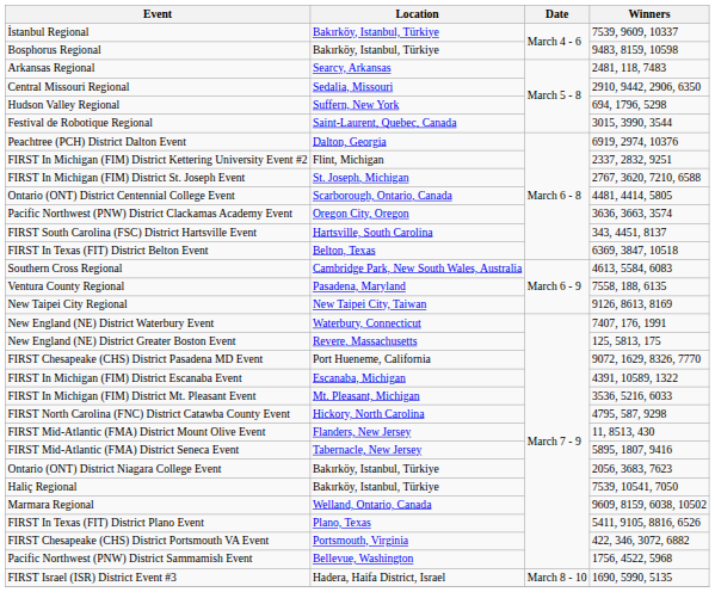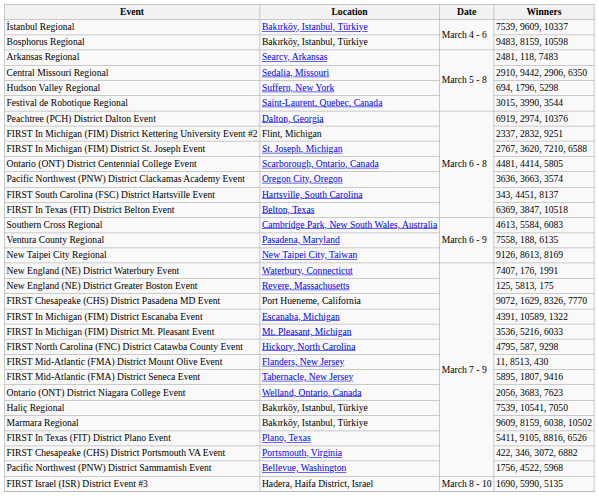 <table class="wikitable">
 <tr>
 <th>Event</th>
 <th>Location</th>
 <th>Date</th>
 <th>Winners</th>
 </tr>
 <tr>
 <td>İstanbul Regional</td>
 <td><a href='#'>Bakırköy, Istanbul, Türkiye</a></td>
 <td rowspan="2">March 4 - 6</td>
 <td>7539, 9609, 10337</td>
 </tr>
 <tr>
 <td>Bosphorus Regional</td>
 <td>Bakırköy, Istanbul, Türkiye</td>
 <td>9483, 8159, 10598</td>
 </tr>
 <tr>
 <td>Arkansas Regional</td>
 <td><a href='#'>Searcy, Arkansas</a></td>
 <td rowspan="4">March 5 - 8</td>
 <td>2481, 118, 7483</td>
 </tr>
 <tr>
 <td>Central Missouri Regional</td>
 <td><a href='#'>Sedalia, Missouri</a></td>
 <td>2910, 9442, 2906, 6350</td>
 </tr>
 <tr>
 <td>Hudson Valley Regional</td>
 <td><a href='#'>Suffern, New York</a></td>
 <td>694, 1796, 5298</td>
 </tr>
 <tr>
 <td>Festival de Robotique Regional</td>
 <td><a href='#'>Saint-Laurent, Quebec, Canada</a></td>
 <td>3015, 3990, 3544</td>
 </tr>
 <tr>
 <td>Peachtree (PCH) District Dalton Event</td>
 <td><a href='#'>Dalton, Georgia</a></td>
 <td rowspan="7">March 6 - 8</td>
 <td>6919, 2974, 10376</td>
 </tr>
 <tr>
 <td>FIRST In Michigan (FIM) District Kettering University Event #2</td>
 <td>Flint, Michigan</td>
 <td>2337, 2832, 9251</td>
 </tr>
 <tr>
 <td>FIRST In Michigan (FIM) District St. Joseph Event</td>
 <td><a href='#'>St. Joseph, Michigan</a></td>
 <td>2767, 3620, 7210, 6588</td>
 </tr>
 <tr>
 <td>Ontario (ONT) District Centennial College Event</td>
 <td><a href='#'>Scarborough, Ontario, Canada</a></td>
 <td>4481, 4414, 5805</td>
 </tr>
 <tr>
 <td>Pacific Northwest (PNW) District Clackamas Academy Event</td>
 <td><a href='#'>Oregon City, Oregon</a></td>
 <td>3636, 3663, 3574</td>
 </tr>
 <tr>
 <td>FIRST South Carolina (FSC) District Hartsville Event</td>
 <td><a href='#'>Hartsville, South Carolina</a></td>
 <td>343, 4451, 8137</td>
 </tr>
 <tr>
 <td>FIRST In Texas (FIT) District Belton Event</td>
 <td><a href='#'>Belton, Texas</a></td>
 <td>6369, 3847, 10518</td>
 </tr>
 <tr>
 <td>Southern Cross Regional</td>
 <td><a href='#'>Cambridge Park, New South Wales, Australia</a></td>
 <td rowspan="3">March 6 - 9</td>
 <td>4613, 5584, 6083</td>
 </tr>
 <tr>
 <td>Ventura County Regional</td>
 <td><a href='#'>Pasadena, Maryland</a></td>
 <td>7558, 188, 6135</td>
 </tr>
 <tr>
 <td>New Taipei City Regional</td>
 <td><a href='#'>New Taipei City, Taiwan</a></td>
 <td>9126, 8613, 8169</td>
 </tr>
 <tr>
 <td>New England (NE) District Waterbury Event</td>
 <td><a href='#'>Waterbury, Connecticut</a></td>
 <td rowspan="14">March 7 - 9</td>
 <td>7407, 176, 1991</td>
 </tr>
 <tr>
 <td>New England (NE) District Greater Boston Event</td>
 <td><a href='#'>Revere, Massachusetts</a></td>
 <td>125, 5813, 175</td>
 </tr>
 <tr>
 <td>FIRST Chesapeake (CHS) District Pasadena MD Event</td>
 <td>Port Hueneme, California</td>
 <td>9072, 1629, 8326, 7770</td>
 </tr>
 <tr>
 <td>FIRST In Michigan (FIM) District Escanaba Event</td>
 <td><a href='#'>Escanaba, Michigan</a></td>
 <td>4391, 10589, 1322</td>
 </tr>
 <tr>
 <td>FIRST In Michigan (FIM) District Mt. Pleasant Event</td>
 <td><a href='#'>Mt. Pleasant, Michigan</a></td>
 <td>3536, 5216, 6033</td>
 </tr>
 <tr>
 <td>FIRST North Carolina (FNC) District Catawba County Event</td>
 <td><a href='#'>Hickory, North Carolina</a></td>
 <td>4795, 587, 9298</td>
 </tr>
 <tr>
 <td>FIRST Mid-Atlantic (FMA) District Mount Olive Event</td>
 <td><a href='#'>Flanders, New Jersey</a></td>
 <td>11, 8513, 430</td>
 </tr>
 <tr>
 <td>FIRST Mid-Atlantic (FMA) District Seneca Event</td>
 <td><a href='#'>Tabernacle, New Jersey</a></td>
 <td>5895, 1807, 9416</td>
 </tr>
 <tr>
 <td>Ontario (ONT) District Niagara College Event</td>
-<td>Bakırköy, Istanbul, Türkiye</td>
+<td><a href='#'>Welland, Ontario, Canada</a></td>
 <td>2056, 3683, 7623</td>
 </tr>
 <tr>
 <td>Haliç Regional</td>
 <td>Bakırköy, Istanbul, Türkiye</td>
 <td>7539, 10541, 7050</td>
 </tr>
 <tr>
 <td>Marmara Regional</td>
-<td><a href='#'>Welland, Ontario, Canada</a></td>
+<td>Bakırköy, Istanbul, Türkiye</td>
 <td>9609, 8159, 6038, 10502</td>
 </tr>
 <tr>
 <td>FIRST In Texas (FIT) District Plano Event</td>
 <td><a href='#'>Plano, Texas</a></td>
 <td>5411, 9105, 8816, 6526</td>
 </tr>
 <tr>
 <td>FIRST Chesapeake (CHS) District Portsmouth VA Event</td>
 <td><a href='#'>Portsmouth, Virginia</a></td>
 <td>422, 346, 3072, 6882</td>
 </tr>
 <tr>
 <td>Pacific Northwest (PNW) District Sammamish Event</td>
 <td><a href='#'>Bellevue, Washington</a></td>
 <td>1756, 4522, 5968</td>
 </tr>
 <tr>
 <td>FIRST Israel (ISR) District Event #3</td>
 <td>Hadera, Haifa District, Israel</td>
 <td>March 8 - 10</td>
 <td>1690, 5990, 5135</td>
 </tr>
 <tr>
 </tr>
 </table>
